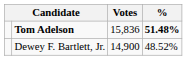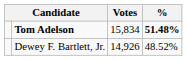 <table class="wikitable">
 <tr>
 <th colspan="2" rowspan="1" align="center" valign="top"><strong>Candidate</strong></th>
 <th valign="top"><strong>Votes</strong></th>
 <th valign="top"><strong>%</strong></th>
 </tr>
 <tr>
 <td style="background-color:"> </td>
 <td><strong>Tom Adelson</strong></td>
-<td>15,836</td>
+<td>15,834</td>
 <td><strong>51.48%</strong></td>
 </tr>
 <tr>
 <td style="background-color:"> </td>
 <td>Dewey F. Bartlett, Jr.</td>
-<td>14,900</td>
+<td>14,926</td>
 <td>48.52%</td>
 </tr>
 </table>
